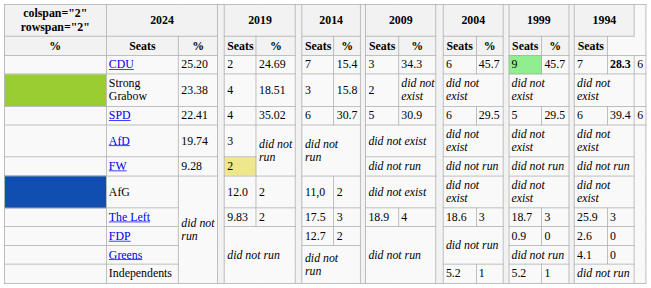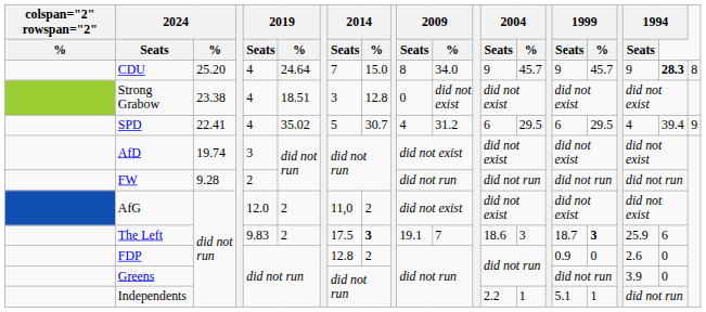 <table class="wikitable">
 <tr>
 <th>colspan="2" rowspan="2" </th>
 <th colspan="2">2024</th>
 <th rowspan="13"></th>
 <th colspan="2">2019</th>
 <th rowspan="13"></th>
 <th colspan="2">2014</th>
 <th rowspan="12"></th>
 <th colspan="2">2009</th>
 <th rowspan="12"></th>
 <th colspan="2">2004</th>
 <th rowspan="12"></th>
 <th colspan="2">1999</th>
 <th rowspan="12"></th>
 <th colspan="2">1994</th>
 </tr>
 <tr>
 <th>%</th>
 <th>Seats</th>
 <th>%</th>
 <th>Seats</th>
 <th>%</th>
 <th>Seats</th>
 <th>%</th>
 <th>Seats</th>
 <th>%</th>
 <th>Seats</th>
 <th>%</th>
 <th>Seats</th>
 <th>%</th>
 <th>Seats</th>
 </tr>
 <tr>
 <td bgcolor=></td>
 <td><a href='#'>CDU</a></td>
 <td>25.20</td>
-<td>2</td>
-<td>24.69</td>
+<td>4</td>
+<td>24.64</td>
 <td>7</td>
-<td>15.4</td>
-<td>3</td>
-<td>34.3</td>
-<td>6</td>
+<td>15.0</td>
+<td>8</td>
+<td>34.0</td>
+<td>9</td>
 <td>45.7</td>
-<td style="background: lightgreen;">9</td>
+<td>9</td>
 <td>45.7</td>
-<td>7</td>
+<td>9</td>
 <td><strong>28.3</strong></td>
-<td>6</td>
+<td>8</td>
 </tr>
 <tr>
 <td bgcolor=#9ACD32></td>
 <td>Strong Grabow</td>
 <td>23.38</td>
 <td>4</td>
 <td>18.51</td>
 <td>3</td>
-<td>15.8</td>
-<td>2</td>
+<td>12.8</td>
+<td>0</td>
 <td colspan="2"><em>did not exist</em></td>
 <td colspan="2"><em>did not exist</em></td>
 <td colspan="2"><em>did not exist</em></td>
 <td colspan="2"><em>did not exist</em></td>
 </tr>
 <tr>
 <td bgcolor=></td>
 <td><a href='#'>SPD</a></td>
 <td>22.41</td>
 <td>4</td>
 <td>35.02</td>
-<td>6</td>
+<td>5</td>
 <td>30.7</td>
-<td>5</td>
-<td>30.9</td>
+<td>4</td>
+<td>31.2</td>
 <td>6</td>
 <td>29.5</td>
-<td>5</td>
+<td>6</td>
 <td>29.5</td>
-<td>6</td>
+<td>4</td>
 <td>39.4</td>
-<td>6</td>
+<td>9</td>
 </tr>
 <tr>
 <td bgcolor=></td>
 <td><a href='#'>AfD</a></td>
 <td>19.74</td>
 <td>3</td>
 <td colspan="2" rowspan="2"><em>did not run</em></td>
 <td colspan="2" rowspan="2"><em>did not run</em></td>
 <td colspan="2"><em>did not exist</em></td>
 <td colspan="2"><em>did not exist</em></td>
 <td colspan="2"><em>did not exist</em></td>
 <td colspan="2"><em>did not exist</em></td>
 </tr>
 <tr>
 <td bgcolor=></td>
 <td><a href='#'>FW</a></td>
 <td>9.28</td>
-<td style="background: khaki;">2</td>
+<td>2</td>
 <td colspan="2"><em>did not run</em></td>
 <td colspan="2"><em>did not run</em></td>
 <td colspan="2"><em>did not run</em></td>
 <td colspan="2"><em>did not run</em></td>
 </tr>
 <tr>
 <td bgcolor=#104EB2></td>
 <td>AfG</td>
 <td colspan="2" rowspan="5"><em>did not run</em></td>
 <td>12.0</td>
 <td>2</td>
 <td>11,0</td>
 <td>2</td>
 <td colspan="2"><em>did not exist</em></td>
 <td colspan="2"><em>did not exist</em></td>
 <td colspan="2"><em>did not exist</em></td>
 <td colspan="2"><em>did not exist</em></td>
 </tr>
 <tr>
 <td bgcolor=></td>
 <td><a href='#'>The Left</a></td>
 <td>9.83</td>
 <td>2</td>
 <td>17.5</td>
-<td>3</td>
-<td>18.9</td>
-<td>4</td>
+<td><strong>3</strong></td>
+<td>19.1</td>
+<td>7</td>
 <td>18.6</td>
 <td>3</td>
 <td>18.7</td>
-<td>3</td>
+<td><strong>3</strong></td>
 <td>25.9</td>
-<td>3</td>
+<td>6</td>
 </tr>
 <tr>
 <td bgcolor=></td>
 <td><a href='#'>FDP</a></td>
 <td colspan="2" rowspan="3"><em>did not run</em></td>
-<td>12.7</td>
+<td>12.8</td>
 <td>2</td>
 <td colspan="2" rowspan="3"><em>did not run</em></td>
 <td colspan="2" rowspan="2"><em>did not run</em></td>
 <td>0.9</td>
 <td>0</td>
 <td>2.6</td>
 <td>0</td>
 </tr>
 <tr>
 <td bgcolor=></td>
 <td><a href='#'>Greens</a></td>
 <td colspan="2" rowspan="2"><em>did not run</em></td>
 <td colspan="2"><em>did not run</em></td>
-<td>4.1</td>
+<td>3.9</td>
 <td>0</td>
 </tr>
 <tr>
 <td></td>
 <td>Independents</td>
-<td>5.2</td>
+<td>2.2</td>
 <td>1</td>
-<td>5.2</td>
+<td>5.1</td>
 <td>1</td>
 <td colspan="2"><em>did not run</em></td>
 </tr>
 </table>
